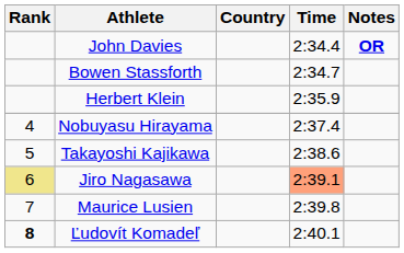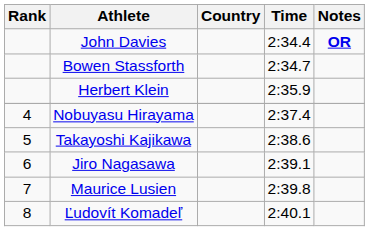 <table class="wikitable sortable" style="text-align:center">
 <tr>
 <th>Rank</th>
 <th>Athlete</th>
 <th>Country</th>
 <th>Time</th>
 <th>Notes</th>
 </tr>
 <tr>
 <td></td>
 <td><a href='#'>John Davies</a></td>
 <td align=left></td>
 <td>2:34.4</td>
 <td><strong><a href='#'>OR</a></strong></td>
 </tr>
 <tr>
 <td></td>
 <td><a href='#'>Bowen Stassforth</a></td>
 <td align=left></td>
 <td>2:34.7</td>
 <td><strong> </strong></td>
 </tr>
 <tr>
 <td></td>
 <td><a href='#'>Herbert Klein</a></td>
 <td align=left></td>
 <td>2:35.9</td>
 <td><strong> </strong></td>
 </tr>
 <tr>
 </tr>
 <tr>
 <td>4</td>
 <td><a href='#'>Nobuyasu Hirayama</a></td>
 <td align=left></td>
 <td>2:37.4</td>
 <td><strong> </strong></td>
 </tr>
 <tr>
 <td>5</td>
 <td><a href='#'>Takayoshi Kajikawa</a></td>
 <td align=left></td>
 <td>2:38.6</td>
 <td><strong> </strong></td>
 </tr>
 <tr>
-<td style="background: khaki;">6</td>
+<td>6</td>
 <td><a href='#'>Jiro Nagasawa</a></td>
 <td align=left></td>
-<td style="background: lightsalmon;">2:39.1</td>
+<td>2:39.1</td>
 <td><strong> </strong></td>
 </tr>
 <tr>
 <td>7</td>
 <td><a href='#'>Maurice Lusien</a></td>
 <td align=left></td>
 <td>2:39.8</td>
 <td><strong> </strong></td>
 </tr>
 <tr>
-<td><strong>8</strong></td>
+<td>8</td>
 <td><a href='#'>Ľudovít Komadeľ</a></td>
 <td align=left></td>
 <td>2:40.1</td>
 <td><strong> </strong></td>
 </tr>
 </table>
